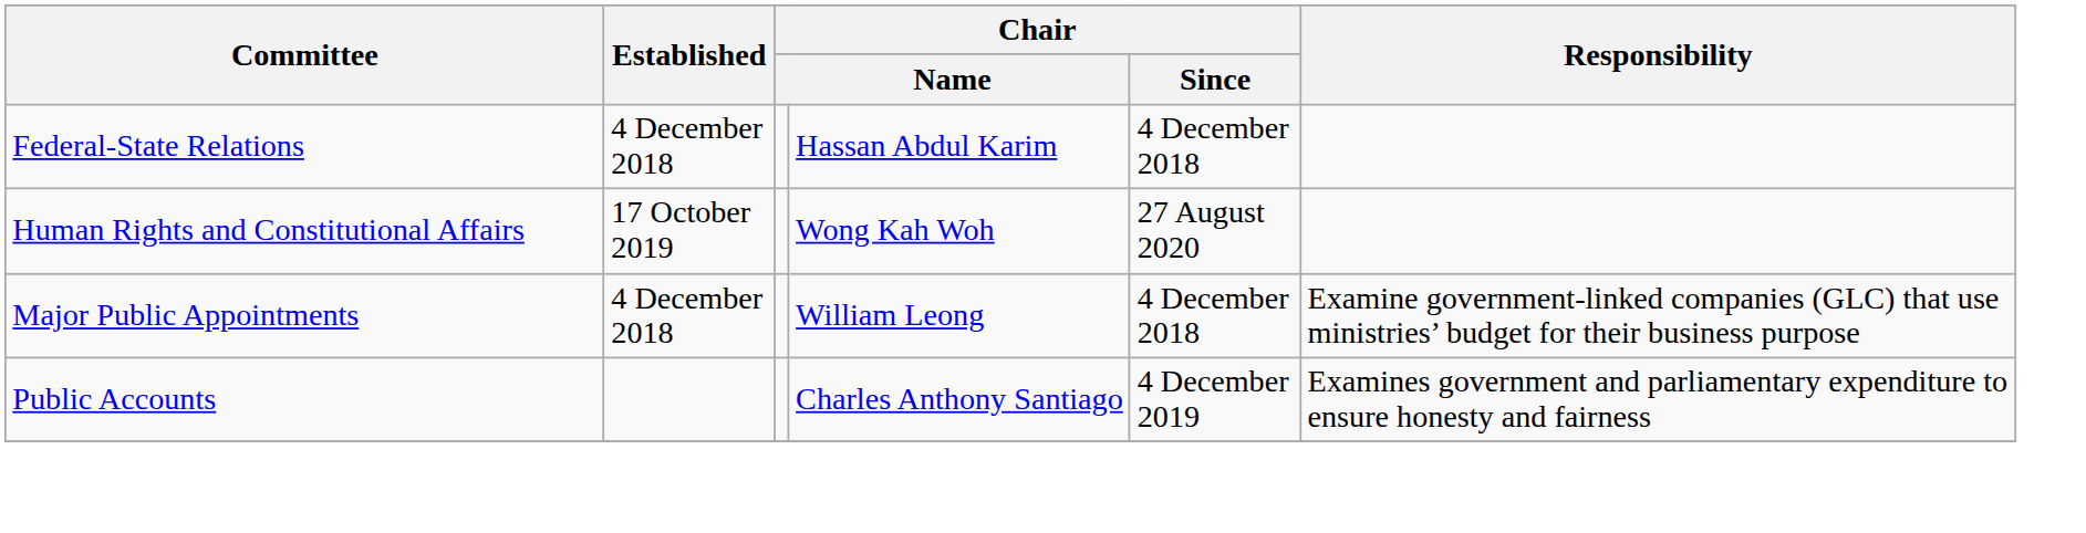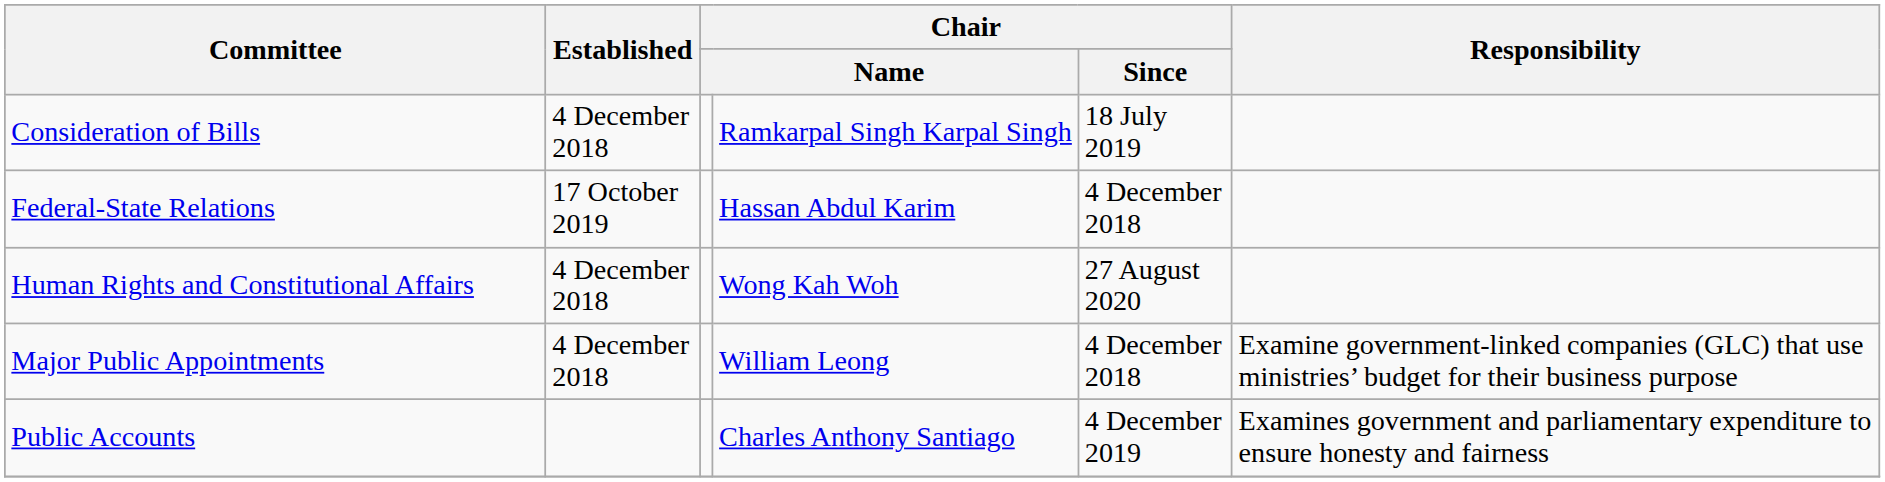 <table class="wikitable">
 <tr>
 <th width=300 rowspan="2">Committee</th>
 <th width=80 rowspan="2">Established</th>
 <th width=90 colspan="3">Chair</th>
 <th width=360 rowspan="2">Responsibility</th>
 </tr>
 <tr>
 <th width=60 colspan="2">Name</th>
 <th width=80>Since</th>
 </tr>
 <tr>
+<td><a href='#'>Consideration of Bills</a></td>
+<td>4 December 2018</td>
+<td style="background-color: "></td>
+<td><a href='#'>Ramkarpal Singh Karpal Singh</a></td>
+<td>18 July 2019</td>
+<td style="vertical-align: top;"></td>
+</tr>
+<tr>
 <td><a href='#'>Federal-State Relations</a></td>
-<td>4 December 2018</td>
+<td>17 October 2019</td>
 <td style="background-color: "></td>
 <td><a href='#'>Hassan Abdul Karim</a></td>
 <td>4 December 2018</td>
 <td style="vertical-align: top;"></td>
 </tr>
 <tr>
 <td><a href='#'>Human Rights and Constitutional Affairs</a></td>
-<td>17 October 2019</td>
+<td>4 December 2018</td>
 <td style="background-color: "></td>
 <td><a href='#'>Wong Kah Woh</a></td>
 <td>27 August 2020</td>
 <td style="vertical-align: top;"></td>
 </tr>
 <tr>
 <td><a href='#'>Major Public Appointments</a></td>
 <td>4 December 2018</td>
 <td style="background-color: "></td>
 <td><a href='#'>William Leong</a></td>
 <td>4 December 2018</td>
 <td style="vertical-align: top;">Examine government-linked companies (GLC) that use ministries’ budget for their business purpose</td>
 </tr>
 <tr>
 <td><a href='#'>Public Accounts</a></td>
 <td></td>
 <td style="background-color: "></td>
 <td><a href='#'>Charles Anthony Santiago</a></td>
 <td>4 December 2019</td>
 <td style="vertical-align: top;">Examines government and parliamentary expenditure to ensure honesty and fairness</td>
 </tr>
 <tr>
 </tr>
 </table>
